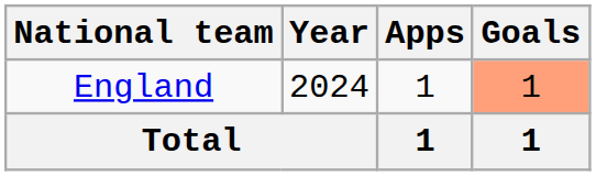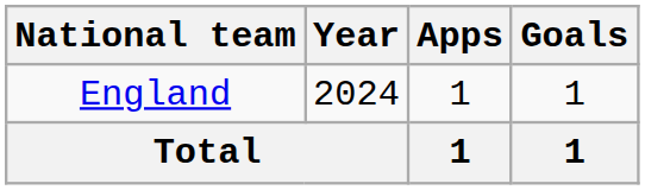 <table class="wikitable" style="text-align: center;">
 <tr>
 <th>National team</th>
 <th>Year</th>
 <th>Apps</th>
 <th>Goals</th>
 </tr>
 <tr>
 <td><a href='#'>England</a></td>
 <td>2024</td>
 <td>1</td>
-<td style="background: lightsalmon;">1</td>
+<td>1</td>
 </tr>
 <tr>
 <th colspan="2">Total</th>
 <th>1</th>
 <th>1</th>
 </tr>
 </table>
